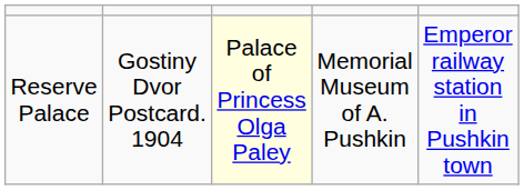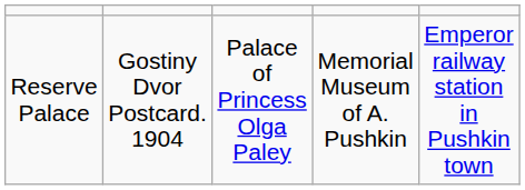 <table Class = "wikitable" style = "text-align: center">
 <tr>
 <td style="width:25px;"></td>
 <td style="width:25px;"></td>
 <td style="width:25px;"></td>
 <td style="width:25px;"></td>
 <td style="width:25px;"></td>
 </tr>
 <tr>
 <td>Reserve Palace</td>
 <td>Gostiny Dvor <br> Postcard. 1904</td>
-<td style="background: lightyellow;">Palace of <a href='#'>Princess Olga Paley</a></td>
+<td>Palace of <a href='#'>Princess Olga Paley</a></td>
 <td>Memorial Museum of A. Pushkin</td>
 <td><a href='#'>Emperor railway station in Pushkin town</a></td>
 </tr>
 </table>
